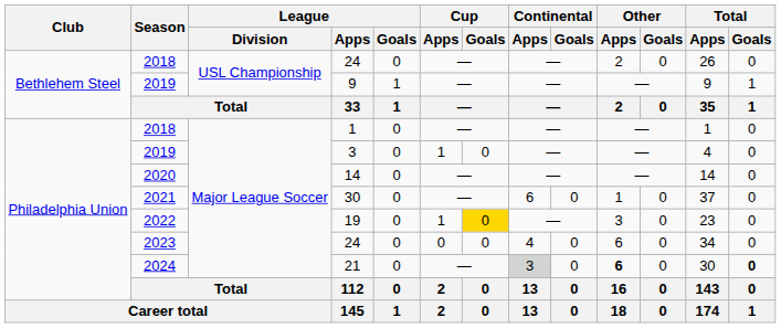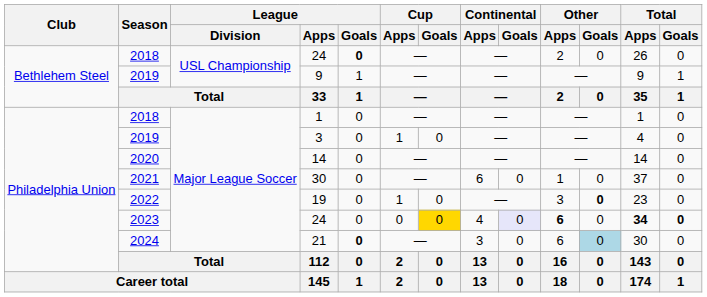 <table class="wikitable" style="text-align:center">
 <tr>
 <th rowspan="2">Club</th>
 <th rowspan="2">Season</th>
 <th colspan="3">League</th>
 <th colspan="2">Cup</th>
 <th colspan="2">Continental</th>
 <th colspan="2">Other</th>
 <th colspan="2">Total</th>
 </tr>
 <tr>
 <th>Division</th>
 <th>Apps</th>
 <th>Goals</th>
 <th>Apps</th>
 <th>Goals</th>
 <th>Apps</th>
 <th>Goals</th>
 <th>Apps</th>
 <th>Goals</th>
 <th>Apps</th>
 <th>Goals</th>
 </tr>
 <tr>
 <td rowspan=3><a href='#'>Bethlehem Steel</a></td>
 <td><a href='#'>2018</a></td>
 <td rowspan=2><a href='#'>USL Championship</a></td>
 <td>24</td>
-<td>0</td>
+<td><strong>0</strong></td>
 <td colspan="2">—</td>
 <td colspan="2">—</td>
 <td>2</td>
 <td>0</td>
 <td>26</td>
 <td>0</td>
 </tr>
 <tr>
 <td><a href='#'>2019</a></td>
 <td>9</td>
 <td>1</td>
 <td colspan="2">—</td>
 <td colspan="2">—</td>
 <td colspan="2">—</td>
 <td>9</td>
 <td>1</td>
 </tr>
 <tr>
 <th colspan="2">Total</th>
 <th>33</th>
 <th>1</th>
 <th colspan="2">—</th>
 <th colspan="2">—</th>
 <th>2</th>
 <th>0</th>
 <th>35</th>
 <th>1</th>
 </tr>
 <tr>
 <td rowspan=8><a href='#'>Philadelphia Union</a></td>
 <td><a href='#'>2018</a></td>
 <td rowspan=7><a href='#'>Major League Soccer</a></td>
 <td>1</td>
 <td>0</td>
 <td colspan="2">—</td>
 <td colspan="2">—</td>
 <td colspan="2">—</td>
 <td>1</td>
 <td>0</td>
 </tr>
 <tr>
 <td><a href='#'>2019</a></td>
 <td>3</td>
 <td>0</td>
 <td>1</td>
 <td>0</td>
 <td colspan="2">—</td>
 <td colspan="2">—</td>
 <td>4</td>
 <td>0</td>
 </tr>
 <tr>
 <td><a href='#'>2020</a></td>
 <td>14</td>
 <td>0</td>
 <td colspan="2">—</td>
 <td colspan="2">—</td>
 <td colspan="2">—</td>
 <td>14</td>
 <td>0</td>
 </tr>
 <tr>
 <td><a href='#'>2021</a></td>
 <td>30</td>
 <td>0</td>
 <td colspan="2">—</td>
 <td>6</td>
 <td>0</td>
 <td>1</td>
 <td>0</td>
 <td>37</td>
 <td>0</td>
 </tr>
 <tr>
 <td><a href='#'>2022</a></td>
 <td>19</td>
 <td>0</td>
 <td>1</td>
-<td style="background: gold;">0</td>
+<td>0</td>
 <td colspan="2">—</td>
 <td>3</td>
-<td>0</td>
+<td><strong>0</strong></td>
 <td>23</td>
 <td>0</td>
 </tr>
 <tr>
 <td><a href='#'>2023</a></td>
 <td>24</td>
 <td>0</td>
 <td>0</td>
+<td style="background: gold;">0</td>
+<td>4</td>
+<td style="background: lavender;">0</td>
+<td><strong>6</strong></td>
 <td>0</td>
-<td>4</td>
-<td>0</td>
-<td>6</td>
-<td>0</td>
-<td>34</td>
-<td>0</td>
+<td><strong>34</strong></td>
+<td><strong>0</strong></td>
 </tr>
 <tr>
 <td><a href='#'>2024</a></td>
 <td>21</td>
+<td><strong>0</strong></td>
+<td colspan="2">—</td>
+<td>3</td>
 <td>0</td>
-<td colspan="2">—</td>
-<td style="background: lightgrey;">3</td>
+<td>6</td>
+<td style="background: lightblue;">0</td>
+<td>30</td>
 <td>0</td>
-<td><strong>6</strong></td>
-<td>0</td>
-<td>30</td>
-<td><strong>0</strong></td>
 </tr>
 <tr>
 <th colspan="2">Total</th>
 <th>112</th>
 <th>0</th>
 <th>2</th>
 <th>0</th>
 <th>13</th>
 <th>0</th>
 <th>16</th>
 <th>0</th>
 <th>143</th>
 <th>0</th>
 </tr>
 <tr>
 <th colspan="3">Career total</th>
 <th>145</th>
 <th>1</th>
 <th>2</th>
 <th>0</th>
 <th>13</th>
 <th>0</th>
 <th>18</th>
 <th>0</th>
 <th>174</th>
 <th>1</th>
 </tr>
 </table>
